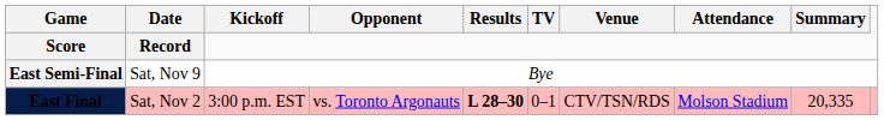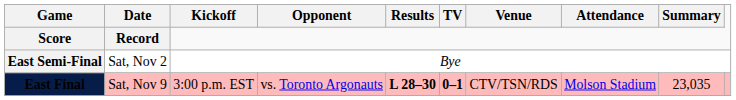 <table class="wikitable" style="font-size: 95%;">
 <tr>
 <th scope="col">Game</th>
 <th scope="col">Date</th>
 <th scope="col">Kickoff</th>
 <th scope="col">Opponent</th>
 <th scope="col">Results</th>
 <th scope="col">TV</th>
 <th scope="col">Venue</th>
 <th scope="col">Attendance</th>
 <th scope="col">Summary</th>
 </tr>
 <tr>
 <th scope="col">Score</th>
 <th scope="col">Record</th>
 </tr>
 <tr bgcolor="#ffffff" align="center">
 <th align="center"><strong>East Semi-Final</strong></th>
-<td align="center">Sat, Nov 9</td>
+<td align="center">Sat, Nov 2</td>
 <td colspan="8" valign="middle" align="center"><em>Bye</em></td>
 </tr>
 <tr align="center" bgcolor="#ffbbbb">
 <th style="text-align:center; background:#071D49;"><span><strong>East Final</strong></span></th>
-<td align="center">Sat, Nov 2</td>
+<td align="center">Sat, Nov 9</td>
 <td align="center">3:00 p.m. EST</td>
 <td align="center">vs. <a href='#'>Toronto Argonauts</a></td>
 <td align="center"><strong>L 28–30</strong></td>
-<td align="center">0–1</td>
+<td align="center"><strong>0–1</strong></td>
 <td align="center">CTV/TSN/RDS</td>
 <td align="center"><a href='#'>Molson Stadium</a></td>
-<td align="center">20,335</td>
+<td align="center">23,035</td>
 <td align="center"></td>
 </tr>
 </table>
